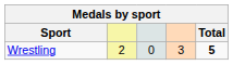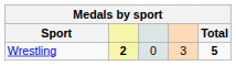 <table class="wikitable" style="font-size:90%; text-align:center;">
 <tr>
 <th colspan="5">Medals by sport</th>
 </tr>
 <tr>
 <th width="120">Sport</th>
 <th scope="col" width="30" style="background:#F7F6A8;"></th>
 <th scope="col" width="30" style="background:#DCE5E5;"></th>
 <th scope="col" width="30" style="background:#FFDAB9;"></th>
 <th width="30">Total</th>
 </tr>
 <tr>
 <td align="left"><a href='#'>Wrestling</a></td>
-<td style="background:#F7F6A8;">2</td>
+<td style="background:#F7F6A8;"><strong>2</strong></td>
 <td style="background:#DCE5E5;">0</td>
 <td style="background:#FFDAB9;">3</td>
 <td><strong>5</strong></td>
 </tr>
 </table>
